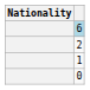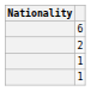 <table class="wikitable plainrowheaders">
 <tr>
 <th scope="col">Nationality</th>
 <th scope="col"></th>
 </tr>
 <tr>
 <th scope="row"></th>
-<td style="background: lightblue; text-align:center">6</td>
+<td style="text-align:center">6</td>
 </tr>
 <tr>
 <th scope="row"></th>
 <td style="text-align:center">2</td>
 </tr>
 <tr>
 <th scope="row"></th>
 <td style="text-align:center">1</td>
 </tr>
 <tr>
 <th scope="row"></th>
-<td style="text-align:center">0</td>
+<td style="text-align:center">1</td>
 </tr>
 </table>
